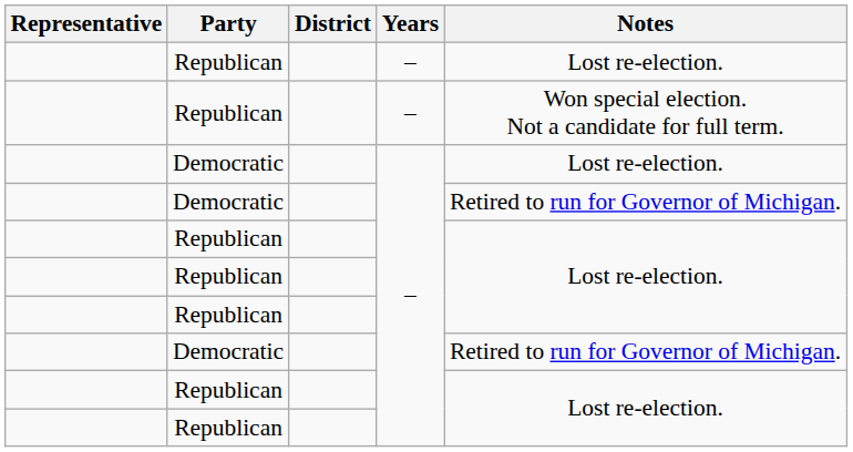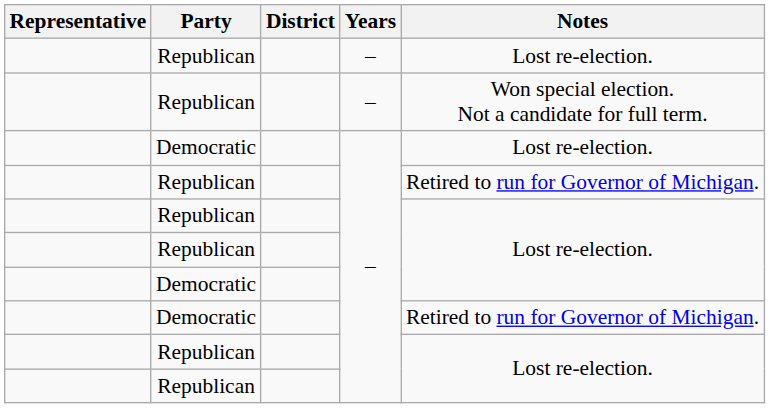 <table class="wikitable sortable" style="text-align:center">
 <tr valign=bottom>
 <th>Representative</th>
 <th>Party</th>
 <th>District</th>
 <th>Years</th>
 <th>Notes</th>
 </tr>
 <tr>
 <td align=left></td>
 <td>Republican</td>
 <td></td>
 <td nowrap> –<br></td>
 <td>Lost re-election.</td>
 </tr>
 <tr>
 <td align=left></td>
 <td>Republican</td>
 <td></td>
 <td nowrap> –<br></td>
 <td>Won special election.<br>Not a candidate for full term.</td>
 </tr>
 <tr>
 <td align=left></td>
 <td>Democratic</td>
 <td></td>
 <td rowspan="8" nowrap=""> –<br></td>
 <td>Lost re-election.</td>
 </tr>
 <tr>
 <td align=left></td>
-<td>Democratic</td>
+<td>Republican</td>
 <td></td>
 <td>Retired to <a href='#'>run for Governor of Michigan</a>.</td>
 </tr>
 <tr>
 <td align=left></td>
 <td>Republican</td>
 <td></td>
 <td rowspan="3">Lost re-election.</td>
 </tr>
 <tr>
 <td align=left></td>
 <td>Republican</td>
 <td></td>
 </tr>
 <tr>
 <td align=left></td>
-<td>Republican</td>
+<td>Democratic</td>
 <td></td>
 </tr>
 <tr>
 <td align=left></td>
 <td>Democratic</td>
 <td></td>
 <td>Retired to <a href='#'>run for Governor of Michigan</a>.</td>
 </tr>
 <tr>
 <td align=left></td>
 <td>Republican</td>
 <td></td>
 <td rowspan="2">Lost re-election.</td>
 </tr>
 <tr>
 <td align=left></td>
 <td>Republican</td>
 <td></td>
 </tr>
 </table>
